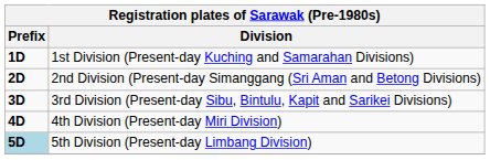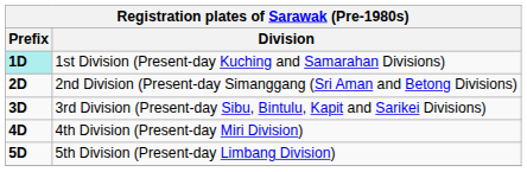 <table class="wikitable">
 <tr>
 <th align="center" colspan="4">Registration plates of <a href='#'>Sarawak</a> (Pre-1980s)</th>
 </tr>
 <tr>
 <th>Prefix</th>
 <th>Division</th>
 </tr>
 <tr>
-<td><strong>1D</strong></td>
+<td style="background: paleturquoise;"><strong>1D</strong></td>
 <td>1st Division (Present-day <a href='#'>Kuching</a> and <a href='#'>Samarahan</a> Divisions)</td>
 </tr>
 <tr>
 <td><strong>2D</strong></td>
 <td>2nd Division (Present-day Simanggang (<a href='#'>Sri Aman</a> and <a href='#'>Betong</a> Divisions)</td>
 </tr>
 <tr>
 <td><strong>3D</strong></td>
 <td>3rd Division (Present-day <a href='#'>Sibu</a>, <a href='#'>Bintulu</a>, <a href='#'>Kapit</a> and <a href='#'>Sarikei</a> Divisions)</td>
 </tr>
 <tr>
 <td><strong>4D</strong></td>
 <td>4th Division (Present-day <a href='#'>Miri Division</a>)</td>
 </tr>
 <tr>
-<td style="background: lightblue;"><strong>5D</strong></td>
+<td><strong>5D</strong></td>
 <td>5th Division (Present-day <a href='#'>Limbang Division</a>)</td>
 </tr>
 <tr>
 </tr>
 </table>
